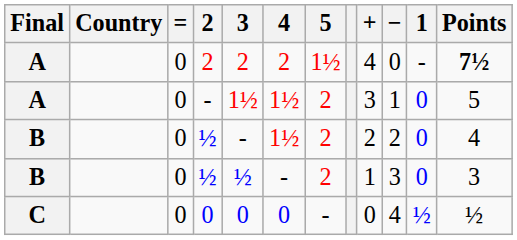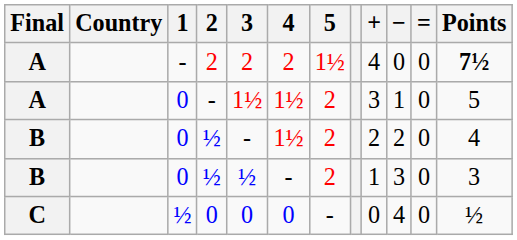 <table class="wikitable" style="text-align:center">
 <tr>
 <th>Final</th>
 <th>Country</th>
-<th>=</th>
+<th>1</th>
 <th>2</th>
 <th>3</th>
 <th>4</th>
 <th>5</th>
 <th></th>
 <th>+</th>
 <th>−</th>
-<th>1</th>
+<th>=</th>
 <th>Points</th>
 </tr>
 <tr>
 <th>A</th>
 <td style="text-align: left"></td>
-<td>0</td>
+<td>-</td>
 <td style="color:red;">2</td>
 <td style="color:red;">2</td>
 <td style="color:red;">2</td>
 <td style="color:red;">1½</td>
 <th></th>
 <td>4</td>
 <td>0</td>
-<td>-</td>
+<td>0</td>
 <td><strong>7½</strong></td>
 </tr>
 <tr>
 <th>A</th>
 <td style="text-align: left"></td>
-<td>0</td>
+<td style="color:blue;">0</td>
 <td>-</td>
 <td style="color:red;">1½</td>
 <td style="color:red;">1½</td>
 <td style="color:red;">2</td>
 <th></th>
 <td>3</td>
 <td>1</td>
-<td style="color:blue;">0</td>
+<td>0</td>
 <td>5</td>
 </tr>
 <tr>
 <th>B</th>
 <td style="text-align: left"></td>
-<td>0</td>
+<td style="color:blue;">0</td>
 <td style="color:blue;">½</td>
 <td>-</td>
 <td style="color:red;">1½</td>
 <td style="color:red;">2</td>
 <th></th>
 <td>2</td>
 <td>2</td>
-<td style="color:blue;">0</td>
+<td>0</td>
 <td>4</td>
 </tr>
 <tr>
 <th>B</th>
 <td style="text-align: left"></td>
-<td>0</td>
+<td style="color:blue;">0</td>
 <td style="color:blue;">½</td>
 <td style="color:blue;">½</td>
 <td>-</td>
 <td style="color:red;">2</td>
 <th></th>
 <td>1</td>
 <td>3</td>
-<td style="color:blue;">0</td>
+<td>0</td>
 <td>3</td>
 </tr>
 <tr>
 <th>C</th>
 <td style="text-align: left"></td>
-<td>0</td>
+<td style="color:blue;">½</td>
 <td style="color:blue;">0</td>
 <td style="color:blue;">0</td>
 <td style="color:blue;">0</td>
 <td>-</td>
 <th></th>
 <td>0</td>
 <td>4</td>
-<td style="color:blue;">½</td>
+<td>0</td>
 <td>½</td>
 </tr>
 </table>
